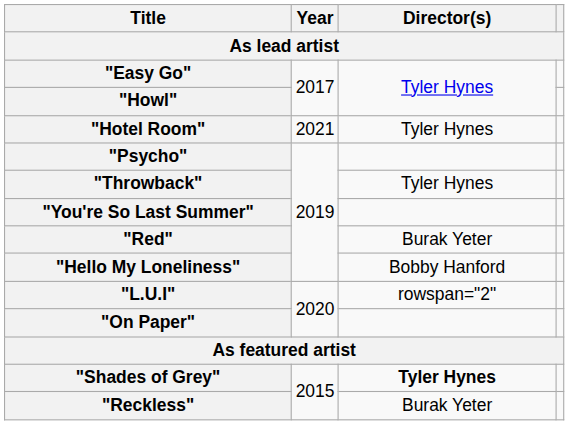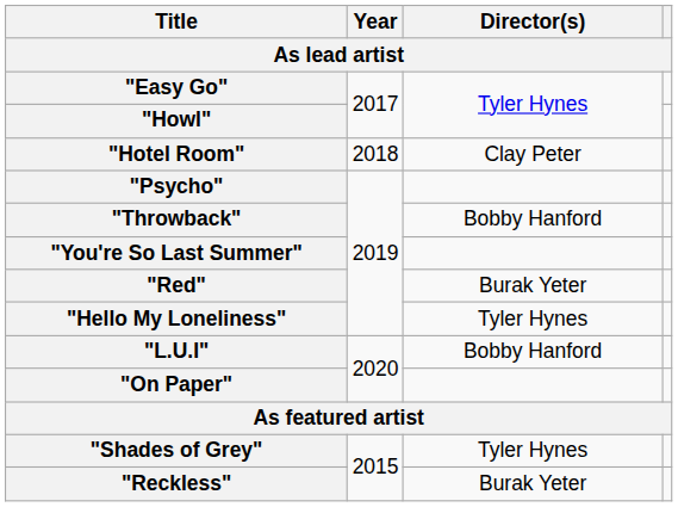 <table class="wikitable plainrowheaders" style="text-align:center;">
 <tr>
 <th scope="col" style="width:16em;">Title</th>
 <th scope="col">Year</th>
 <th scope="col" style="width:12em;">Director(s)</th>
 <th scope="col"></th>
 </tr>
 <tr>
 <th scope="col" colspan="5">As lead artist</th>
 </tr>
 <tr>
 <th scope="row">"Easy Go" </th>
 <td rowspan="2">2017</td>
 <td rowspan="2"><a href='#'>Tyler Hynes</a></td>
 <td></td>
 </tr>
 <tr>
 <th scope="row">"Howl"</th>
 <td></td>
 </tr>
 <tr>
 <th scope="row">"Hotel Room"</th>
-<td>2021</td>
-<td>Tyler Hynes</td>
+<td>2018</td>
+<td>Clay Peter</td>
 <td></td>
 </tr>
 <tr>
 <th scope="row">"Psycho" </th>
 <td rowspan="5">2019</td>
 <td></td>
 <td></td>
 </tr>
 <tr>
 <th scope="row">"Throwback" </th>
-<td>Tyler Hynes</td>
+<td>Bobby Hanford</td>
 <td></td>
 </tr>
 <tr>
 <th scope="row">"You're So Last Summer"</th>
 <td></td>
 <td></td>
 </tr>
 <tr>
 <th scope="row">"Red"</th>
 <td>Burak Yeter</td>
 <td></td>
 </tr>
 <tr>
 <th scope="row">"Hello My Loneliness" </th>
-<td>Bobby Hanford</td>
+<td>Tyler Hynes</td>
 <td></td>
 </tr>
 <tr>
 <th scope="row">"L.U.I"</th>
 <td rowspan="2">2020</td>
-<td>rowspan="2" </td>
+<td>Bobby Hanford</td>
 <td></td>
 </tr>
 <tr>
 <th scope="row">"On Paper"</th>
 <td></td>
 </tr>
 <tr>
 <th scope="col" colspan="5">As featured artist</th>
 </tr>
 <tr>
 <th scope="row">"Shades of Grey"<br></th>
 <td rowspan="2">2015</td>
-<td><strong>Tyler Hynes</strong></td>
+<td>Tyler Hynes</td>
 <td></td>
 </tr>
 <tr>
 <th scope="row">"Reckless"<br></th>
 <td>Burak Yeter</td>
 <td></td>
 </tr>
 </table>
